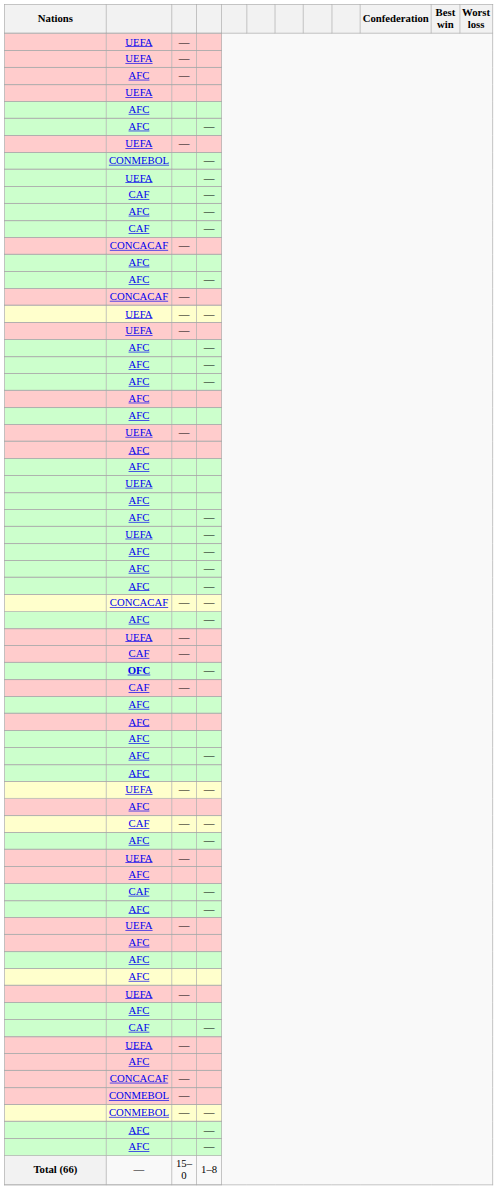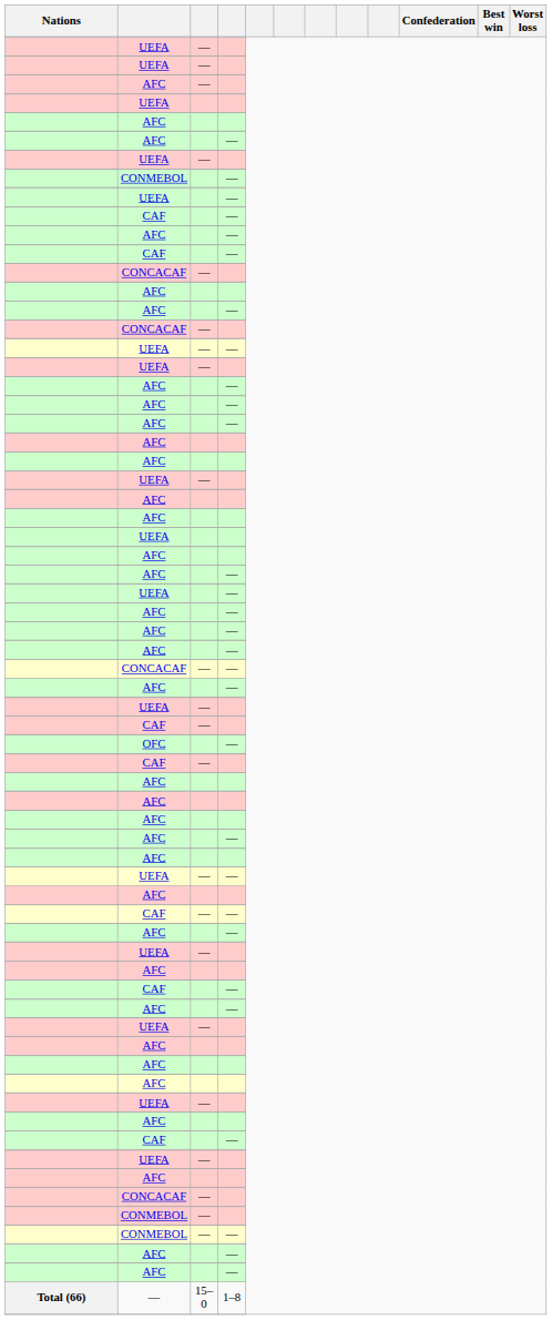 <table class="wikitable sortable collapsible collapsed" style="text-align: center; font-size: 100%;">
 <tr style="color:black;">
 <th style="width:145px;">Nations</th>
 <th width=30></th>
 <th width=30></th>
 <th width=30></th>
 <th width=30></th>
 <th width=35></th>
 <th width=35></th>
 <th width=35></th>
 <th width=35></th>
 <th>Confederation</th>
 <th width=35>Best win</th>
 <th width=35>Worst loss</th>
 </tr>
 <tr>
 </tr>
 <tr bgcolor=#FFCCCC>
 <td align=left><br></td>
 <td><a href='#'>UEFA</a></td>
 <td>—</td>
 <td></td>
 </tr>
 <tr>
 </tr>
 <tr bgcolor=#FFCCCC>
 <td align=left><br></td>
 <td><a href='#'>UEFA</a></td>
 <td>—</td>
 <td></td>
 </tr>
 <tr>
 </tr>
 <tr bgcolor=#FFCCCC>
 <td align=left><br></td>
 <td><a href='#'>AFC</a></td>
 <td>—</td>
 <td></td>
 </tr>
 <tr>
 </tr>
 <tr bgcolor=#FFCCCC>
 <td align=left><br></td>
 <td><a href='#'>UEFA</a></td>
 <td></td>
 <td></td>
 </tr>
 <tr>
 </tr>
 <tr bgcolor=#CCFFCC>
 <td align=left><br></td>
 <td><a href='#'>AFC</a></td>
 <td></td>
 <td></td>
 </tr>
 <tr>
 </tr>
 <tr bgcolor=#CCFFCC>
 <td align=left><br></td>
 <td><a href='#'>AFC</a></td>
 <td></td>
 <td>—</td>
 </tr>
 <tr>
 </tr>
 <tr bgcolor=#FFCCCC>
 <td align=left><br></td>
 <td><a href='#'>UEFA</a></td>
 <td>—</td>
 <td></td>
 </tr>
 <tr>
 </tr>
 <tr bgcolor=#CCFFCC>
 <td align=left><br></td>
 <td><a href='#'>CONMEBOL</a></td>
 <td></td>
 <td>—</td>
 </tr>
 <tr>
 </tr>
 <tr bgcolor=#CCFFCC>
 <td align=left><br></td>
 <td><a href='#'>UEFA</a></td>
 <td></td>
 <td>—</td>
 </tr>
 <tr>
 </tr>
 <tr bgcolor=#CCFFCC>
 <td align=left><br></td>
 <td><a href='#'>CAF</a></td>
 <td></td>
 <td>—</td>
 </tr>
 <tr>
 </tr>
 <tr bgcolor=#CCFFCC>
 <td align=left><br></td>
 <td><a href='#'>AFC</a></td>
 <td></td>
 <td>—</td>
 </tr>
 <tr>
 </tr>
 <tr bgcolor=#CCFFCC>
 <td align=left><br></td>
 <td><a href='#'>CAF</a></td>
 <td></td>
 <td>—</td>
 </tr>
 <tr>
 </tr>
 <tr bgcolor=#FFCCCC>
 <td align=left><br></td>
 <td><a href='#'>CONCACAF</a></td>
 <td>—</td>
 <td></td>
 </tr>
 <tr>
 </tr>
 <tr bgcolor=#CCFFCC>
 <td align=left><br></td>
 <td><a href='#'>AFC</a></td>
 <td></td>
 <td></td>
 </tr>
 <tr>
 </tr>
 <tr bgcolor=#CCFFCC>
 <td align=left><br></td>
 <td><a href='#'>AFC</a></td>
 <td></td>
 <td>—</td>
 </tr>
 <tr>
 </tr>
 <tr bgcolor=#FFCCCC>
 <td align=left><br></td>
 <td><a href='#'>CONCACAF</a></td>
 <td>—</td>
 <td></td>
 </tr>
 <tr>
 </tr>
 <tr bgcolor=#FFFFCC>
 <td align=left><br></td>
 <td><a href='#'>UEFA</a></td>
 <td>—</td>
 <td>—</td>
 </tr>
 <tr>
 </tr>
 <tr bgcolor=#FFCCCC>
 <td align=left><br></td>
 <td><a href='#'>UEFA</a></td>
 <td>—</td>
 <td></td>
 </tr>
 <tr>
 </tr>
 <tr bgcolor=#CCFFCC>
 <td align=left><br></td>
 <td><a href='#'>AFC</a></td>
 <td></td>
 <td>—</td>
 </tr>
 <tr>
 </tr>
 <tr bgcolor=#CCFFCC>
 <td align=left><br></td>
 <td><a href='#'>AFC</a></td>
 <td></td>
 <td>—</td>
 </tr>
 <tr>
 </tr>
 <tr bgcolor=#CCFFCC>
 <td align=left><br></td>
 <td><a href='#'>AFC</a></td>
 <td></td>
 <td>—</td>
 </tr>
 <tr>
 </tr>
 <tr bgcolor=#FFCCCC>
 <td align=left><br></td>
 <td><a href='#'>AFC</a></td>
 <td></td>
 <td></td>
 </tr>
 <tr>
 </tr>
 <tr bgcolor=#CCFFCC>
 <td align=left><br></td>
 <td><a href='#'>AFC</a></td>
 <td></td>
 <td></td>
 </tr>
 <tr>
 </tr>
 <tr bgcolor=#FFCCCC>
 <td align=left><br></td>
 <td><a href='#'>UEFA</a></td>
 <td>—</td>
 <td></td>
 </tr>
 <tr>
 </tr>
 <tr bgcolor=#FFCCCC>
 <td align=left><br></td>
 <td><a href='#'>AFC</a></td>
 <td></td>
 <td></td>
 </tr>
 <tr>
 </tr>
 <tr bgcolor=#CCFFCC>
 <td align=left><br></td>
 <td><a href='#'>AFC</a></td>
 <td></td>
 <td></td>
 </tr>
 <tr>
 </tr>
 <tr bgcolor=#CCFFCC>
 <td align=left><br></td>
 <td><a href='#'>UEFA</a></td>
 <td></td>
 <td></td>
 </tr>
 <tr>
 </tr>
 <tr bgcolor=#CCFFCC>
 <td align=left><br></td>
 <td><a href='#'>AFC</a></td>
 <td></td>
 <td></td>
 </tr>
 <tr>
 </tr>
 <tr bgcolor=#CCFFCC>
 <td align=left><br></td>
 <td><a href='#'>AFC</a></td>
 <td></td>
 <td>—</td>
 </tr>
 <tr>
 </tr>
 <tr bgcolor=#CCFFCC>
 <td align=left><br></td>
 <td><a href='#'>UEFA</a></td>
 <td></td>
 <td>—</td>
 </tr>
 <tr>
 </tr>
 <tr bgcolor=#CCFFCC>
 <td align=left><br></td>
 <td><a href='#'>AFC</a></td>
 <td></td>
 <td>—</td>
 </tr>
 <tr>
 </tr>
 <tr bgcolor=#CCFFCC>
 <td align=left><br></td>
 <td><a href='#'>AFC</a></td>
 <td></td>
 <td>—</td>
 </tr>
 <tr>
 </tr>
 <tr bgcolor=#CCFFCC>
 <td align=left><br></td>
 <td><a href='#'>AFC</a></td>
 <td></td>
 <td>—</td>
 </tr>
 <tr>
 </tr>
 <tr bgcolor=#FFFFCC>
 <td align=left><br></td>
 <td><a href='#'>CONCACAF</a></td>
 <td>—</td>
 <td>—</td>
 </tr>
 <tr bgcolor=#CCFFCC>
 <td align=left><br></td>
 <td><a href='#'>AFC</a></td>
 <td></td>
 <td>—</td>
 </tr>
 <tr>
 </tr>
 <tr bgcolor=#FFCCCC>
 <td align=left><br></td>
 <td><a href='#'>UEFA</a></td>
 <td>—</td>
 <td></td>
 </tr>
 <tr>
 </tr>
 <tr bgcolor=#FFCCCC>
 <td align=left><br></td>
 <td><a href='#'>CAF</a></td>
 <td>—</td>
 <td></td>
 </tr>
 <tr>
 </tr>
 <tr bgcolor=#CCFFCC>
 <td align=left><br></td>
-<td><strong><a href='#'>OFC</a></strong></td>
+<td><a href='#'>OFC</a></td>
 <td></td>
 <td>—</td>
 </tr>
 <tr>
 </tr>
 <tr bgcolor=#FFCCCC>
 <td align=left><br></td>
 <td><a href='#'>CAF</a></td>
 <td>—</td>
 <td></td>
 </tr>
 <tr>
 </tr>
 <tr bgcolor=#CCFFCC>
 <td align=left><br></td>
 <td><a href='#'>AFC</a></td>
 <td></td>
 <td></td>
 </tr>
 <tr>
 </tr>
 <tr bgcolor=#FFCCCC>
 <td align=left><br></td>
 <td><a href='#'>AFC</a></td>
 <td></td>
 <td></td>
 </tr>
 <tr>
 </tr>
 <tr bgcolor=#CCFFCC>
 <td align=left><br></td>
 <td><a href='#'>AFC</a></td>
 <td></td>
 <td></td>
 </tr>
 <tr>
 </tr>
 <tr bgcolor=#CCFFCC>
 <td align=left><br></td>
 <td><a href='#'>AFC</a></td>
 <td></td>
 <td>—</td>
 </tr>
 <tr>
 </tr>
 <tr bgcolor=#CCFFCC>
 <td align=left><br></td>
 <td><a href='#'>AFC</a></td>
 <td></td>
 <td></td>
 </tr>
 <tr>
 </tr>
 <tr bgcolor=#FFFFCC>
 <td align=left><br></td>
 <td><a href='#'>UEFA</a></td>
 <td>—</td>
 <td>—</td>
 </tr>
 <tr bgcolor=#FFCCCC>
 <td align=left><br></td>
 <td><a href='#'>AFC</a></td>
 <td></td>
 <td></td>
 </tr>
 <tr>
 </tr>
 <tr bgcolor=#FFFFCC>
 <td align=left><br></td>
 <td><a href='#'>CAF</a></td>
 <td>—</td>
 <td>—</td>
 </tr>
 <tr>
 </tr>
 <tr bgcolor=#CCFFCC>
 <td align=left><br></td>
 <td><a href='#'>AFC</a></td>
 <td></td>
 <td>—</td>
 </tr>
 <tr>
 </tr>
 <tr bgcolor=#FFCCCC>
 <td align=left><br></td>
 <td><a href='#'>UEFA</a></td>
 <td>—</td>
 <td></td>
 </tr>
 <tr>
 </tr>
 <tr bgcolor=#FFCCCC>
 <td align=left><br></td>
 <td><a href='#'>AFC</a></td>
 <td></td>
 <td></td>
 </tr>
 <tr>
 </tr>
 <tr bgcolor=#CCFFCC>
 <td align=left><br></td>
 <td><a href='#'>CAF</a></td>
 <td></td>
 <td>—</td>
 </tr>
 <tr>
 </tr>
 <tr bgcolor=#CCFFCC>
 <td align=left><br></td>
 <td><a href='#'>AFC</a></td>
 <td></td>
 <td>—</td>
 </tr>
 <tr>
 </tr>
 <tr bgcolor=#FFCCCC>
 <td align=left><br></td>
 <td><a href='#'>UEFA</a></td>
 <td>—</td>
 <td></td>
 </tr>
 <tr>
 </tr>
 <tr bgcolor=#FFCCCC>
 <td align=left><br></td>
 <td><a href='#'>AFC</a></td>
 <td></td>
 <td></td>
 </tr>
 <tr>
 </tr>
 <tr bgcolor=#CCFFCC>
 <td align=left><br></td>
 <td><a href='#'>AFC</a></td>
 <td></td>
 <td></td>
 </tr>
 <tr>
 </tr>
 <tr bgcolor=#FFFFCC>
 <td align=left><br></td>
 <td><a href='#'>AFC</a></td>
 <td></td>
 <td></td>
 </tr>
 <tr>
 </tr>
 <tr bgcolor=#FFCCCC>
 <td align=left><br></td>
 <td><a href='#'>UEFA</a></td>
 <td>—</td>
 <td></td>
 </tr>
 <tr>
 </tr>
 <tr bgcolor=#CCFFCC>
 <td align=left><br></td>
 <td><a href='#'>AFC</a></td>
 <td></td>
 <td></td>
 </tr>
 <tr>
 </tr>
 <tr bgcolor=#CCFFCC>
 <td align=left><br></td>
 <td><a href='#'>CAF</a></td>
 <td></td>
 <td>—</td>
 </tr>
 <tr>
 </tr>
 <tr bgcolor=#FFCCCC>
 <td align=left><br></td>
 <td><a href='#'>UEFA</a></td>
 <td>—</td>
 <td></td>
 </tr>
 <tr>
 </tr>
 <tr bgcolor=#FFCCCC>
 <td align=left><br></td>
 <td><a href='#'>AFC</a></td>
 <td></td>
 <td></td>
 </tr>
 <tr>
 </tr>
 <tr bgcolor=#FFCCCC>
 <td align=left><br></td>
 <td><a href='#'>CONCACAF</a></td>
 <td>—</td>
 <td></td>
 </tr>
 <tr>
 </tr>
 <tr bgcolor=#FFCCCC>
 <td align=left><br></td>
 <td><a href='#'>CONMEBOL</a></td>
 <td>—</td>
 <td></td>
 </tr>
 <tr>
 </tr>
 <tr bgcolor=#FFFFCC>
 <td align=left><br></td>
 <td><a href='#'>CONMEBOL</a></td>
 <td>—</td>
 <td>—</td>
 </tr>
 <tr>
 </tr>
 <tr bgcolor=#CCFFCC>
 <td align=left><br></td>
 <td><a href='#'>AFC</a></td>
 <td></td>
 <td>—</td>
 </tr>
 <tr>
 </tr>
 <tr bgcolor=#CCFFCC>
 <td align=left><br></td>
 <td><a href='#'>AFC</a></td>
 <td></td>
 <td>—</td>
 </tr>
 <tr class="sortbottom">
 <th align=center>Total (66)<br></th>
 <td>—</td>
 <td>15–0</td>
 <td>1–8</td>
 </tr>
 <tr>
 </tr>
 </table>
